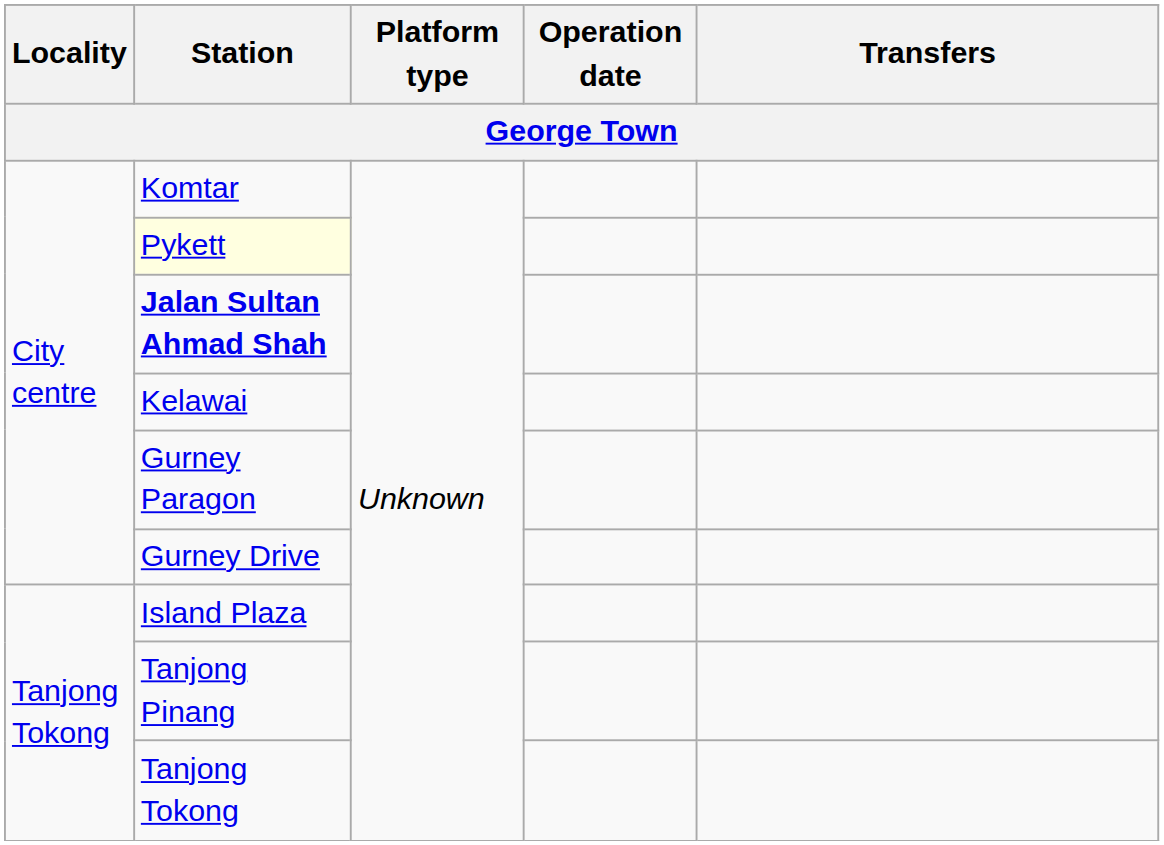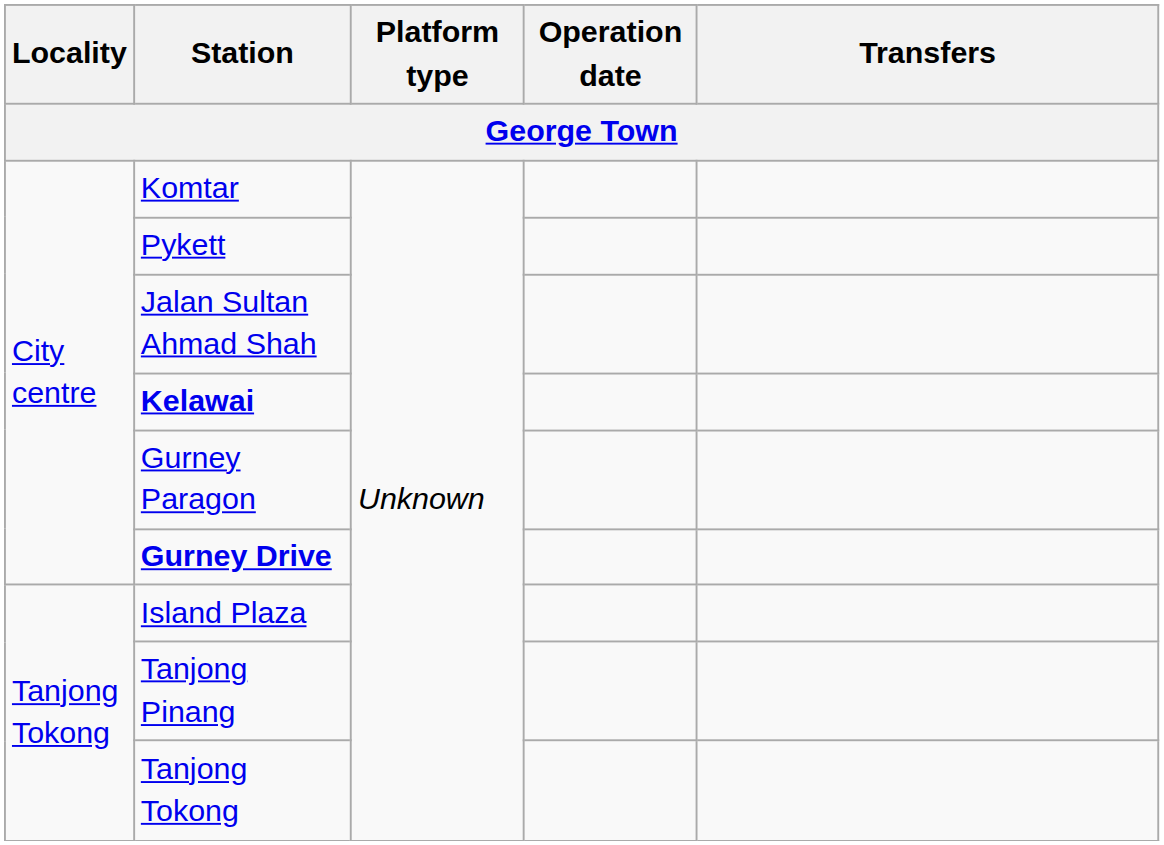 <table class="wikitable" style="line-height:1.4em">
 <tr>
 <th style="width:10%">Locality</th>
 <th>Station</th>
 <th style="width:15%">Platform type</th>
 <th style="width:15%">Operation date</th>
 <th style="width:40%">Transfers</th>
 </tr>
 <tr>
 <th colspan="5" align="center"><strong><a href='#'>George Town</a></strong></th>
 </tr>
 <tr>
 <td rowspan="6"><a href='#'>City centre</a></td>
 <td><a href='#'>Komtar</a> </td>
 <td rowspan="9"><em>Unknown</em></td>
 <td></td>
 <td></td>
 </tr>
 <tr>
-<td style="background: lightyellow;"><a href='#'>Pykett</a></td>
+<td><a href='#'>Pykett</a></td>
 <td></td>
 <td></td>
 </tr>
 <tr>
-<td><strong><a href='#'>Jalan Sultan Ahmad Shah</a></strong></td>
+<td><a href='#'>Jalan Sultan Ahmad Shah</a></td>
 <td></td>
 <td></td>
 </tr>
 <tr>
-<td><a href='#'>Kelawai</a></td>
+<td><strong><a href='#'>Kelawai</a></strong></td>
 <td></td>
 <td></td>
 </tr>
 <tr>
 <td><a href='#'>Gurney Paragon</a></td>
 <td></td>
 <td></td>
 </tr>
 <tr>
-<td><a href='#'>Gurney Drive</a></td>
+<td><strong><a href='#'>Gurney Drive</a></strong></td>
 <td></td>
 <td></td>
 </tr>
 <tr>
 <td rowspan="3"><a href='#'>Tanjong Tokong</a></td>
 <td><a href='#'>Island Plaza</a></td>
 <td></td>
 <td></td>
 </tr>
 <tr>
 <td><a href='#'>Tanjong Pinang</a></td>
 <td></td>
 <td></td>
 </tr>
 <tr>
 <td><a href='#'>Tanjong Tokong</a></td>
 <td></td>
 <td></td>
 </tr>
 </table>
